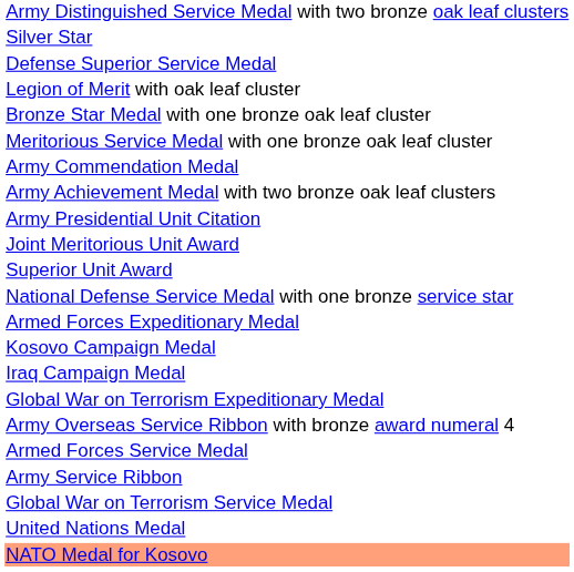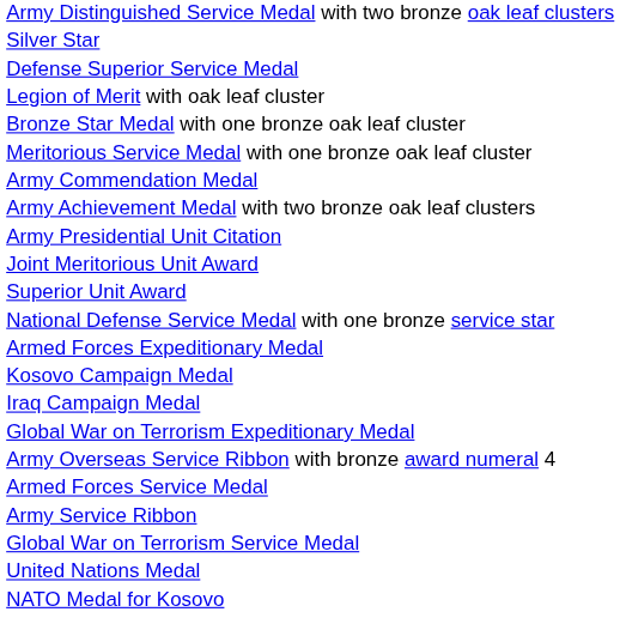 <table>
 <tr>
 <td><span></span><span></span> <a href='#'>Army Distinguished Service Medal</a> with two bronze <a href='#'>oak leaf clusters</a></td>
 </tr>
 <tr>
 <td> <a href='#'>Silver Star</a></td>
 </tr>
 <tr>
 <td> <a href='#'>Defense Superior Service Medal</a></td>
 </tr>
 <tr>
 <td> <a href='#'>Legion of Merit</a> with oak leaf cluster</td>
 </tr>
 <tr>
 <td> <a href='#'>Bronze Star Medal</a> with one bronze oak leaf cluster</td>
 </tr>
 <tr>
 <td> <a href='#'>Meritorious Service Medal</a> with one bronze oak leaf cluster</td>
 </tr>
 <tr>
 <td> <a href='#'>Army Commendation Medal</a></td>
 </tr>
 <tr>
 <td><span></span><span></span> <a href='#'>Army Achievement Medal</a> with two bronze oak leaf clusters</td>
 </tr>
 <tr>
 <td> <a href='#'>Army Presidential Unit Citation</a></td>
 </tr>
 <tr>
 <td> <a href='#'>Joint Meritorious Unit Award</a></td>
 </tr>
 <tr>
 <td> <a href='#'>Superior Unit Award</a></td>
 </tr>
 <tr>
 <td> <a href='#'>National Defense Service Medal</a> with one bronze <a href='#'>service star</a></td>
 </tr>
 <tr>
 <td> <a href='#'>Armed Forces Expeditionary Medal</a></td>
 </tr>
 <tr>
 <td> <a href='#'>Kosovo Campaign Medal</a></td>
 </tr>
 <tr>
 <td> <a href='#'>Iraq Campaign Medal</a></td>
 </tr>
 <tr>
 <td> <a href='#'>Global War on Terrorism Expeditionary Medal</a></td>
 </tr>
 <tr>
 <td><span></span> <a href='#'>Army Overseas Service Ribbon</a> with bronze <a href='#'>award numeral</a> 4</td>
 </tr>
 <tr>
 <td> <a href='#'>Armed Forces Service Medal</a></td>
 </tr>
 <tr>
 <td> <a href='#'>Army Service Ribbon</a></td>
 </tr>
 <tr>
 <td> <a href='#'>Global War on Terrorism Service Medal</a></td>
 </tr>
 <tr>
 <td> <a href='#'>United Nations Medal</a></td>
 </tr>
 <tr>
-<td style="background: lightsalmon;"> <a href='#'>NATO Medal for Kosovo</a></td>
+<td> <a href='#'>NATO Medal for Kosovo</a></td>
 </tr>
 </table>
